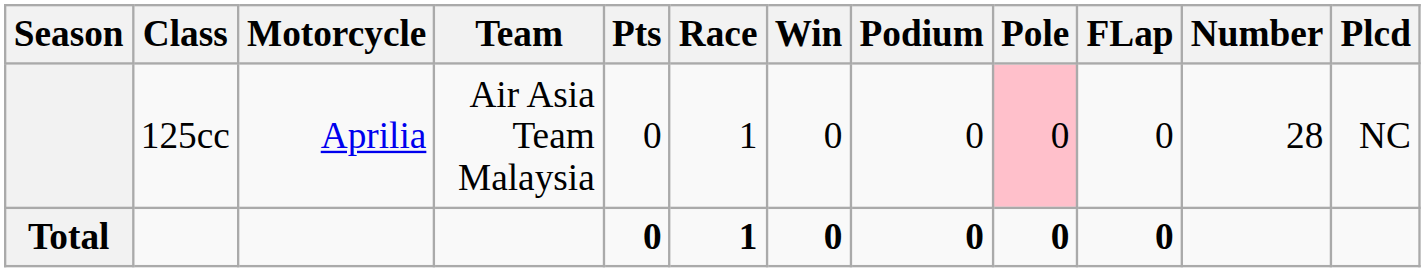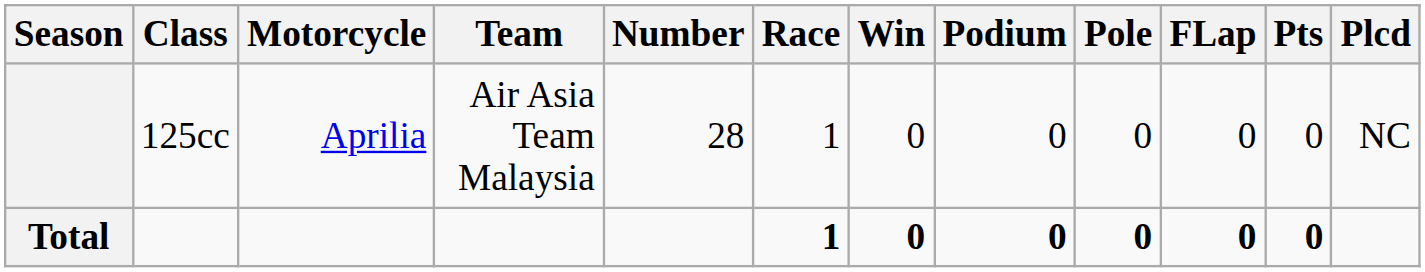 <table class="wikitable">
 <tr>
 <th>Season</th>
 <th>Class</th>
 <th>Motorcycle</th>
 <th>Team</th>
-<th>Pts</th>
+<th>Number</th>
 <th>Race</th>
 <th>Win</th>
 <th>Podium</th>
 <th>Pole</th>
 <th>FLap</th>
-<th>Number</th>
+<th>Pts</th>
 <th>Plcd</th>
 </tr>
 <tr align="right">
 <th></th>
 <td>125cc</td>
 <td><a href='#'>Aprilia</a></td>
 <td>Air Asia Team Malaysia</td>
-<td>0</td>
+<td>28</td>
 <td>1</td>
 <td>0</td>
 <td>0</td>
-<td style="background: pink;">0</td>
 <td>0</td>
-<td>28</td>
+<td>0</td>
+<td>0</td>
 <td>NC</td>
 </tr>
 <tr align="right">
 <th>Total</th>
 <td></td>
 <td></td>
 <td></td>
-<td><strong>0</strong></td>
+<td></td>
 <td><strong>1</strong></td>
 <td><strong>0</strong></td>
 <td><strong>0</strong></td>
 <td><strong>0</strong></td>
 <td><strong>0</strong></td>
-<td></td>
+<td><strong>0</strong></td>
 <td></td>
 </tr>
 </table>
